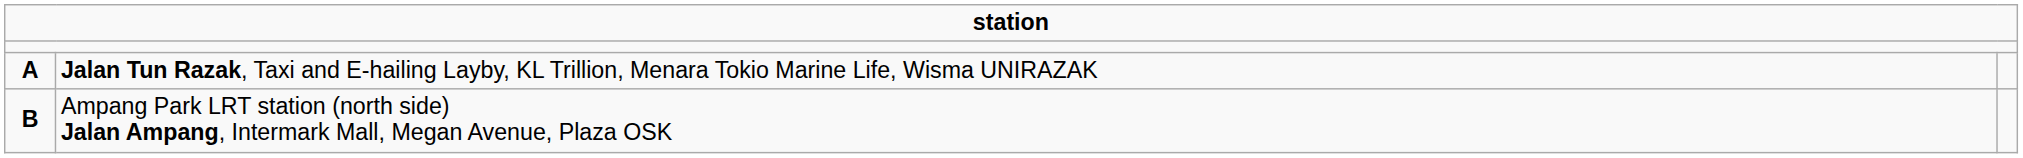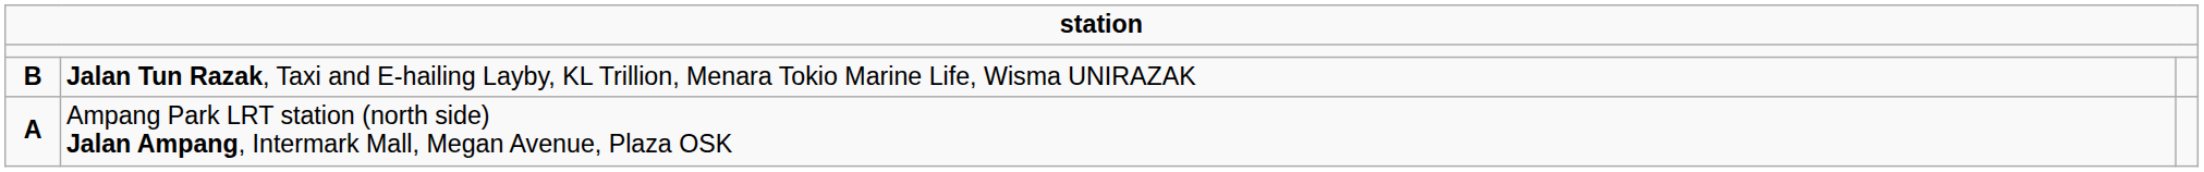 <table class="wikitable" style="width:70%">
 <tr>
 <td colspan=3 align="center"><strong> station</strong></td>
 </tr>
 <tr>
 <td colspan=3 align="center" bgcolor=></td>
 </tr>
 <tr>
-<td align="center"><strong><span>A</span></strong></td>
+<td align="center"><strong><span>B</span></strong></td>
 <td><strong>Jalan Tun Razak</strong>, Taxi and E-hailing Layby, KL Trillion, Menara Tokio Marine Life, Wisma UNIRAZAK</td>
 <td></td>
 </tr>
 <tr>
-<td align="center"><strong><span>B</span></strong></td>
+<td align="center"><strong><span>A</span></strong></td>
 <td> Ampang Park LRT station (north side)<br><strong>Jalan Ampang</strong>, Intermark Mall, Megan Avenue, Plaza OSK</td>
 <td></td>
 </tr>
 </table>
